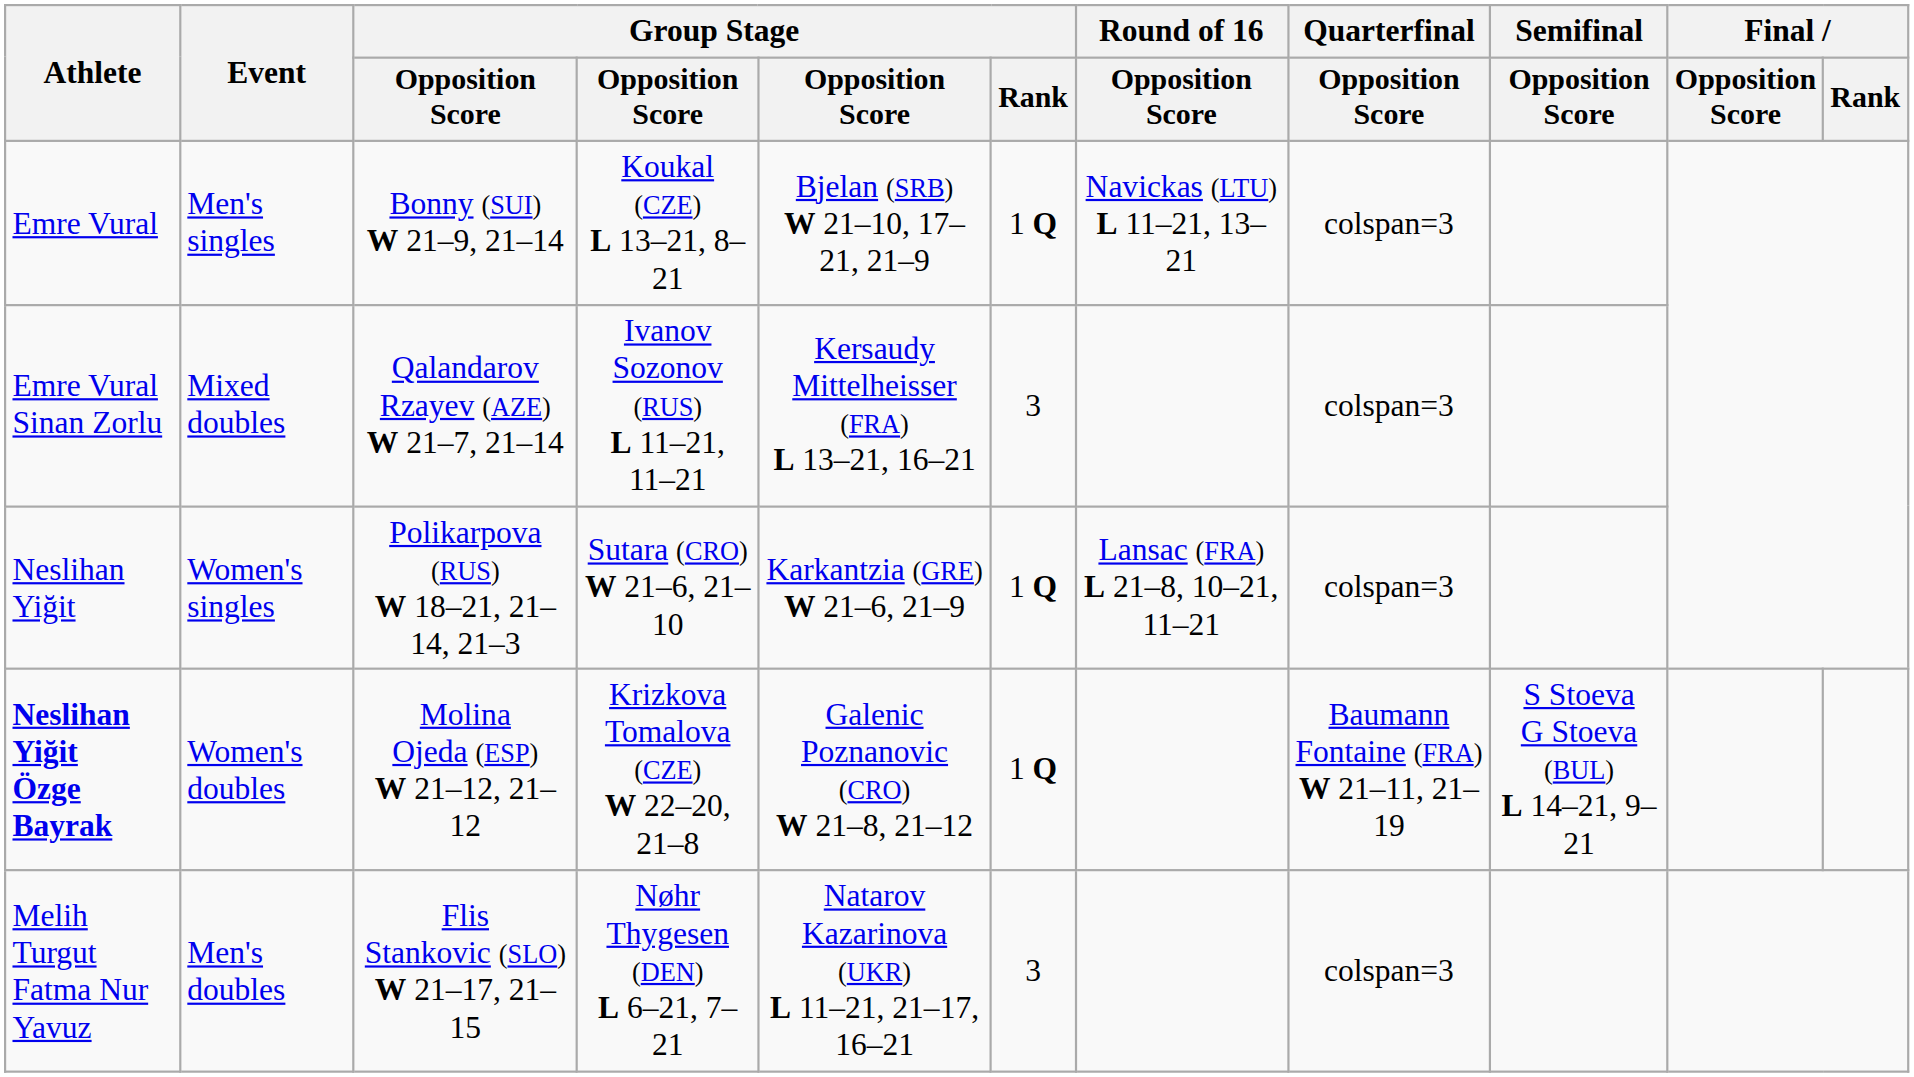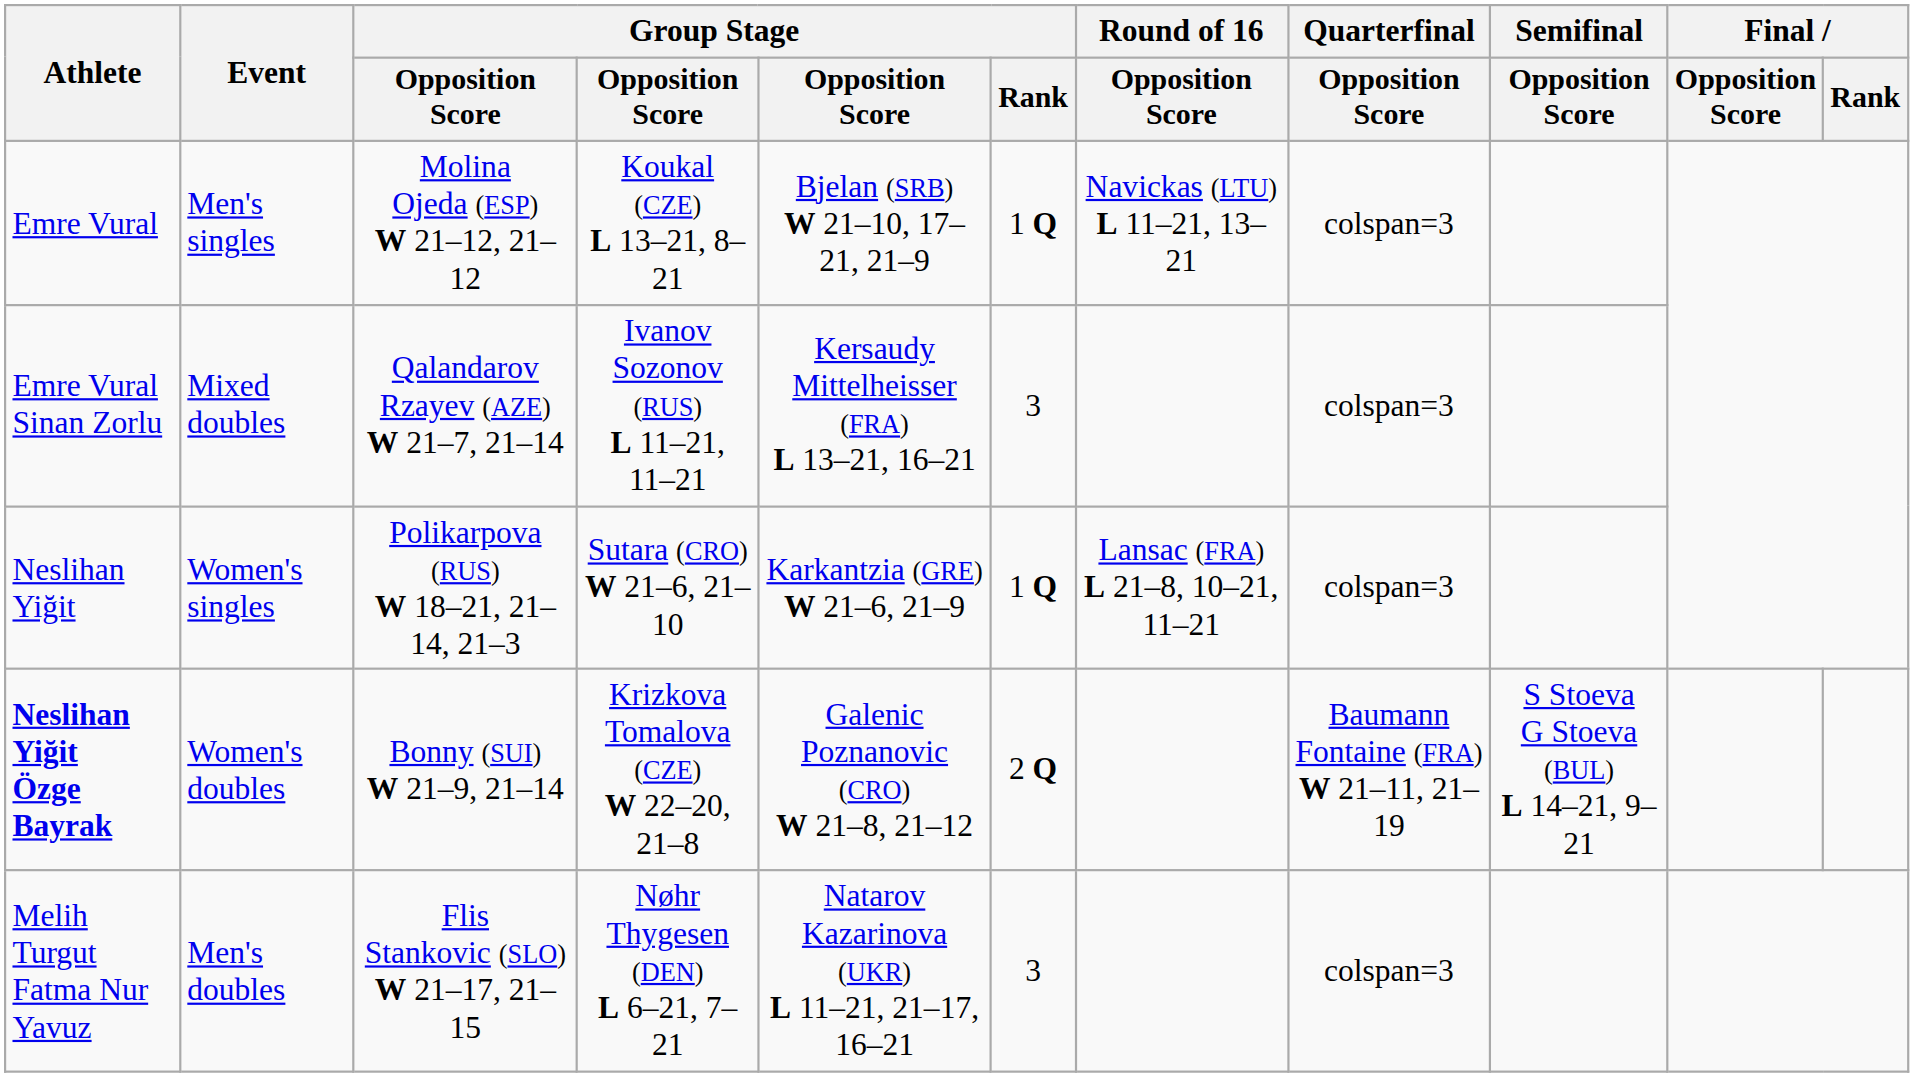 <table class="wikitable" style="font-size:90%">
 <tr>
 <th rowspan=2>Athlete</th>
 <th rowspan=2>Event</th>
 <th colspan=4>Group Stage</th>
 <th>Round of 16</th>
 <th>Quarterfinal</th>
 <th>Semifinal</th>
 <th colspan=2>Final / </th>
 </tr>
 <tr style="font-size:95%">
 <th>Opposition<br>Score</th>
 <th>Opposition<br>Score</th>
 <th>Opposition<br>Score</th>
 <th>Rank</th>
 <th>Opposition<br>Score</th>
 <th>Opposition<br>Score</th>
 <th>Opposition<br>Score</th>
 <th>Opposition<br>Score</th>
 <th>Rank</th>
 </tr>
 <tr align=center>
 <td align=left><a href='#'>Emre Vural</a></td>
 <td align=left><a href='#'>Men's singles</a></td>
-<td> <a href='#'>Bonny</a> <small>(<a href='#'>SUI</a>)</small><br><strong>W</strong> 21–9, 21–14</td>
+<td> <a href='#'>Molina</a><br><a href='#'>Ojeda</a> <small>(<a href='#'>ESP</a>)</small><br><strong>W</strong> 21–12, 21–12</td>
 <td> <a href='#'>Koukal</a> <small>(<a href='#'>CZE</a>)</small><br><strong>L</strong> 13–21, 8–21</td>
 <td> <a href='#'>Bjelan</a> <small>(<a href='#'>SRB</a>)</small><br><strong>W</strong> 21–10, 17–21, 21–9</td>
 <td>1 <strong>Q</strong></td>
 <td> <a href='#'>Navickas</a> <small>(<a href='#'>LTU</a>)</small><br><strong>L</strong> 11–21, 13–21</td>
 <td>colspan=3 </td>
 <td></td>
 </tr>
 <tr align=center>
 <td align=left><a href='#'>Emre Vural</a><br><a href='#'>Sinan Zorlu</a></td>
 <td align=left><a href='#'>Mixed doubles</a></td>
 <td> <a href='#'>Qalandarov</a><br><a href='#'>Rzayev</a> <small>(<a href='#'>AZE</a>)</small><br><strong>W</strong> 21–7, 21–14</td>
 <td> <a href='#'>Ivanov</a><br><a href='#'>Sozonov</a> <small>(<a href='#'>RUS</a>)</small><br><strong>L</strong> 11–21, 11–21</td>
 <td> <a href='#'>Kersaudy</a><br><a href='#'>Mittelheisser</a> <small>(<a href='#'>FRA</a>)</small><br><strong>L</strong> 13–21, 16–21</td>
 <td>3</td>
 <td></td>
 <td>colspan=3 </td>
 <td></td>
 </tr>
 <tr align=center>
 <td align=left><a href='#'>Neslihan Yiğit</a></td>
 <td align=left><a href='#'>Women's singles</a></td>
 <td> <a href='#'>Polikarpova</a> <small>(<a href='#'>RUS</a>)</small><br><strong>W</strong> 18–21, 21–14, 21–3</td>
 <td> <a href='#'>Sutara</a> <small>(<a href='#'>CRO</a>)</small><br><strong>W</strong> 21–6, 21–10</td>
 <td> <a href='#'>Karkantzia</a> <small>(<a href='#'>GRE</a>)</small><br><strong>W</strong> 21–6, 21–9</td>
 <td>1 <strong>Q</strong></td>
 <td> <a href='#'>Lansac</a> <small>(<a href='#'>FRA</a>)</small><br><strong>L</strong> 21–8, 10–21, 11–21</td>
 <td>colspan=3 </td>
 <td></td>
 </tr>
 <tr align=center>
 <td align=left><strong><a href='#'>Neslihan Yiğit</a><br><a href='#'>Özge Bayrak</a></strong></td>
 <td align=left><a href='#'>Women's doubles</a></td>
-<td> <a href='#'>Molina</a><br><a href='#'>Ojeda</a> <small>(<a href='#'>ESP</a>)</small><br><strong>W</strong> 21–12, 21–12</td>
+<td> <a href='#'>Bonny</a> <small>(<a href='#'>SUI</a>)</small><br><strong>W</strong> 21–9, 21–14</td>
 <td> <a href='#'>Krizkova</a><br><a href='#'>Tomalova</a> <small>(<a href='#'>CZE</a>)</small><br><strong>W</strong> 22–20, 21–8</td>
 <td> <a href='#'>Galenic</a><br><a href='#'>Poznanovic</a> <small>(<a href='#'>CRO</a>)</small><br><strong>W</strong> 21–8, 21–12</td>
-<td>1 <strong>Q</strong></td>
+<td>2 <strong>Q</strong></td>
 <td></td>
 <td> <a href='#'>Baumann</a><br><a href='#'>Fontaine</a> <small>(<a href='#'>FRA</a>)</small><br><strong>W</strong> 21–11, 21–19</td>
 <td> <a href='#'>S Stoeva</a><br><a href='#'>G Stoeva</a> <small>(<a href='#'>BUL</a>)</small><br><strong>L</strong> 14–21, 9–21</td>
 <td></td>
 <td></td>
 </tr>
 <tr align=center>
 <td align=left><a href='#'>Melih Turgut</a><br><a href='#'>Fatma Nur Yavuz</a></td>
 <td align=left><a href='#'>Men's doubles</a></td>
 <td> <a href='#'>Flis</a><br><a href='#'>Stankovic</a> <small>(<a href='#'>SLO</a>)</small><br><strong>W</strong> 21–17, 21–15</td>
 <td> <a href='#'>Nøhr</a><br><a href='#'>Thygesen</a> <small>(<a href='#'>DEN</a>)</small><br><strong>L</strong> 6–21, 7–21</td>
 <td> <a href='#'>Natarov</a><br><a href='#'>Kazarinova</a> <small>(<a href='#'>UKR</a>)</small><br><strong>L</strong> 11–21, 21–17, 16–21</td>
 <td>3</td>
 <td></td>
 <td>colspan=3 </td>
 <td></td>
 </tr>
 </table>
